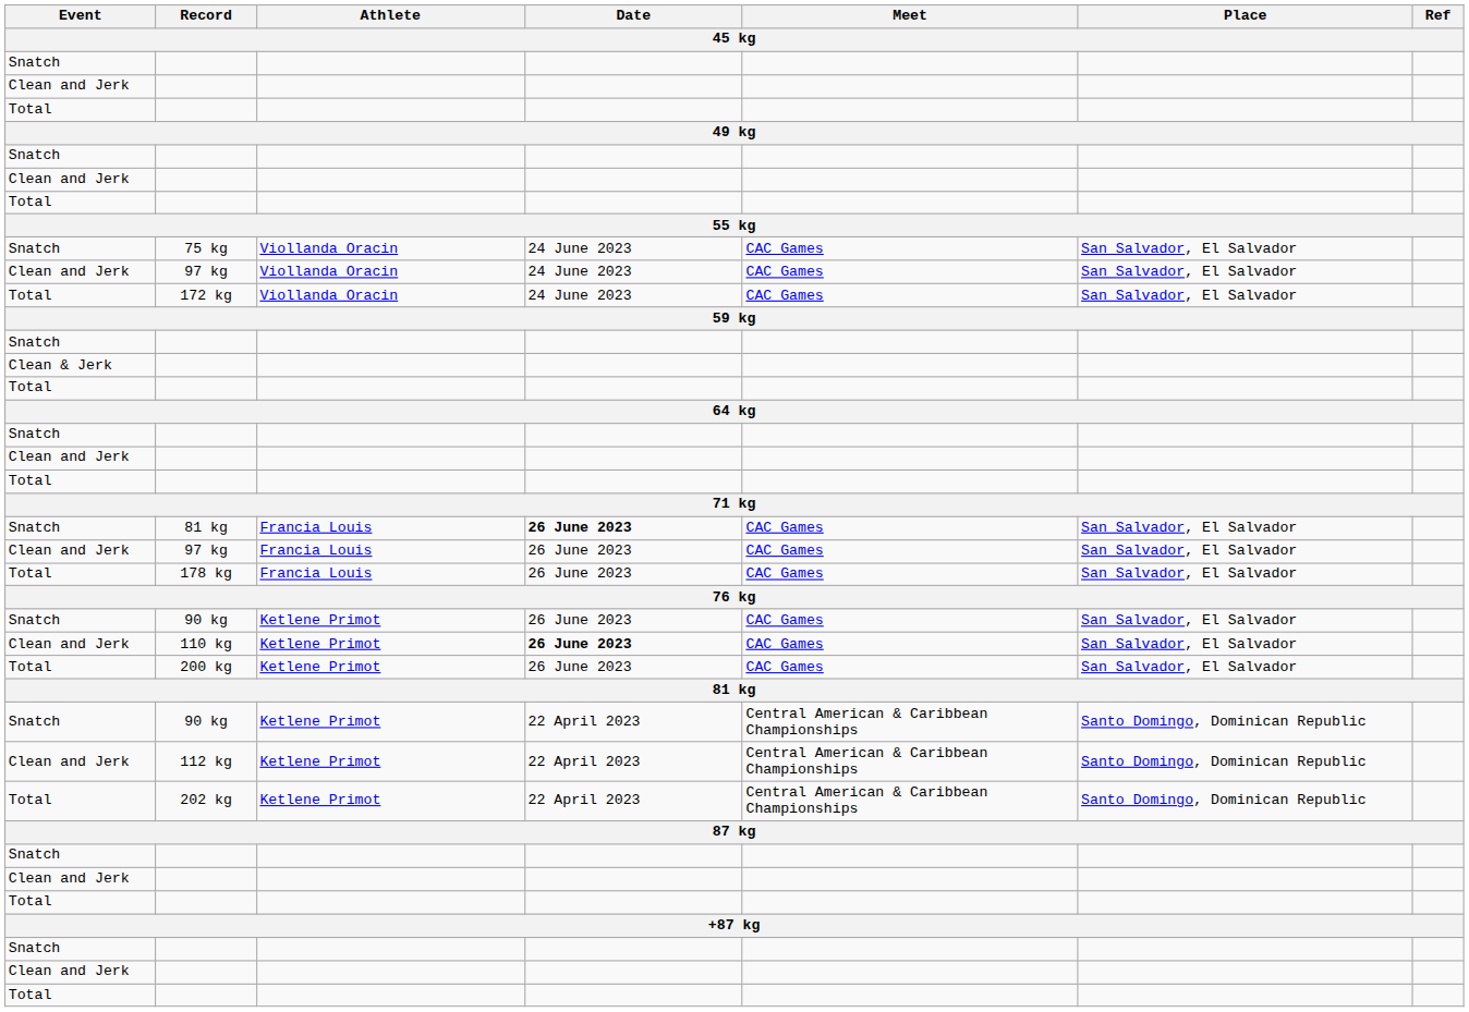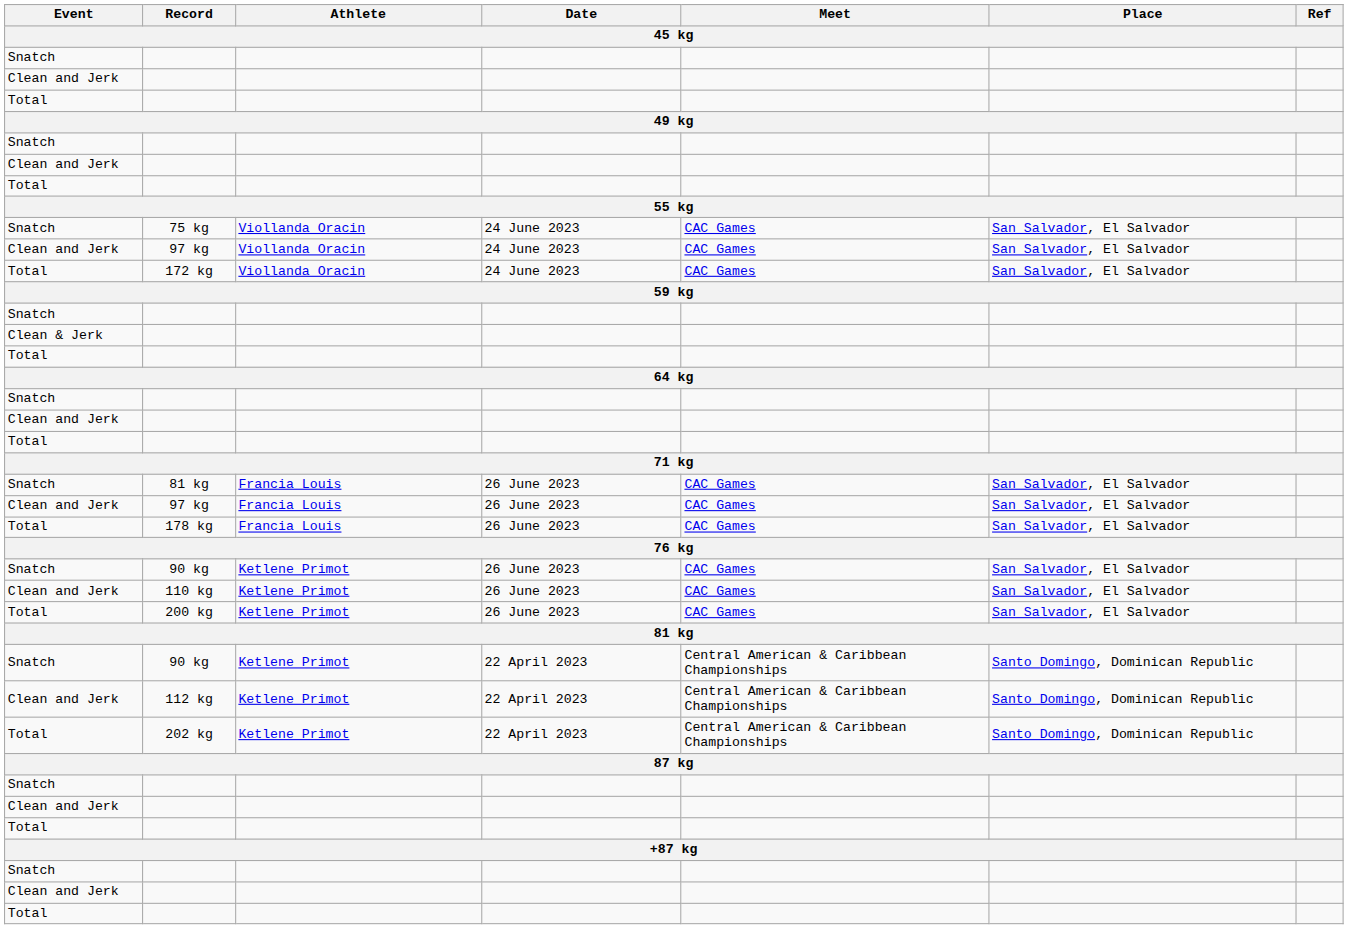 <table class="wikitable" style="font-size:95%;">
 <tr>
 <th width=9%>Event</th>
 <th width=6%>Record</th>
 <th width=16%>Athlete</th>
 <th width=13%>Date</th>
 <th width=20%>Meet</th>
 <th width=20%>Place</th>
 <th width=3%>Ref</th>
 </tr>
 <tr bgcolor="#DDDDDD">
 <th colspan="7">45 kg</th>
 </tr>
 <tr>
 <td>Snatch</td>
 <td align="center"></td>
 <td></td>
 <td></td>
 <td></td>
 <td></td>
 <td></td>
 </tr>
 <tr>
 <td>Clean and Jerk</td>
 <td align="center"></td>
 <td></td>
 <td></td>
 <td></td>
 <td></td>
 <td></td>
 </tr>
 <tr>
 <td>Total</td>
 <td align="center"></td>
 <td></td>
 <td></td>
 <td></td>
 <td></td>
 <td></td>
 </tr>
 <tr bgcolor="#DDDDDD">
 <th colspan="7">49 kg</th>
 </tr>
 <tr>
 <td>Snatch</td>
 <td align="center"></td>
 <td></td>
 <td></td>
 <td></td>
 <td></td>
 <td></td>
 </tr>
 <tr>
 <td>Clean and Jerk</td>
 <td align="center"></td>
 <td></td>
 <td></td>
 <td></td>
 <td></td>
 <td></td>
 </tr>
 <tr>
 <td>Total</td>
 <td align="center"></td>
 <td></td>
 <td></td>
 <td></td>
 <td></td>
 <td></td>
 </tr>
 <tr bgcolor="#DDDDDD">
 <th colspan="7">55 kg</th>
 </tr>
 <tr>
 <td>Snatch</td>
 <td align="center">75 kg</td>
 <td><a href='#'>Viollanda Oracin</a></td>
 <td>24 June 2023</td>
 <td><a href='#'>CAC Games</a></td>
 <td><a href='#'>San Salvador</a>, El Salvador</td>
 <td></td>
 </tr>
 <tr>
 <td>Clean and Jerk</td>
 <td align="center">97 kg</td>
 <td><a href='#'>Viollanda Oracin</a></td>
 <td>24 June 2023</td>
 <td><a href='#'>CAC Games</a></td>
 <td><a href='#'>San Salvador</a>, El Salvador</td>
 <td></td>
 </tr>
 <tr>
 <td>Total</td>
 <td align="center">172 kg</td>
 <td><a href='#'>Viollanda Oracin</a></td>
 <td>24 June 2023</td>
 <td><a href='#'>CAC Games</a></td>
 <td><a href='#'>San Salvador</a>, El Salvador</td>
 <td></td>
 </tr>
 <tr bgcolor="#DDDDDD">
 <th colspan="7">59 kg</th>
 </tr>
 <tr>
 <td>Snatch</td>
 <td align="center"></td>
 <td></td>
 <td></td>
 <td></td>
 <td></td>
 <td></td>
 </tr>
 <tr>
 <td>Clean & Jerk</td>
 <td align="center"></td>
 <td></td>
 <td></td>
 <td></td>
 <td></td>
 <td></td>
 </tr>
 <tr>
 <td>Total</td>
 <td align="center"></td>
 <td></td>
 <td></td>
 <td></td>
 <td></td>
 <td></td>
 </tr>
 <tr bgcolor="#DDDDDD">
 <th colspan="7">64 kg</th>
 </tr>
 <tr>
 <td>Snatch</td>
 <td align="center"></td>
 <td></td>
 <td></td>
 <td></td>
 <td></td>
 <td></td>
 </tr>
 <tr>
 <td>Clean and Jerk</td>
 <td align="center"></td>
 <td></td>
 <td></td>
 <td></td>
 <td></td>
 <td></td>
 </tr>
 <tr>
 <td>Total</td>
 <td align="center"></td>
 <td></td>
 <td></td>
 <td></td>
 <td></td>
 <td></td>
 </tr>
 <tr bgcolor="#DDDDDD">
 <th colspan="7">71 kg</th>
 </tr>
 <tr>
 <td>Snatch</td>
 <td align="center">81 kg</td>
 <td><a href='#'>Francia Louis</a></td>
-<td><strong>26 June 2023</strong></td>
+<td>26 June 2023</td>
 <td><a href='#'>CAC Games</a></td>
 <td><a href='#'>San Salvador</a>, El Salvador</td>
 <td></td>
 </tr>
 <tr>
 <td>Clean and Jerk</td>
 <td align="center">97 kg</td>
 <td><a href='#'>Francia Louis</a></td>
 <td>26 June 2023</td>
 <td><a href='#'>CAC Games</a></td>
 <td><a href='#'>San Salvador</a>, El Salvador</td>
 <td></td>
 </tr>
 <tr>
 <td>Total</td>
 <td align="center">178 kg</td>
 <td><a href='#'>Francia Louis</a></td>
 <td>26 June 2023</td>
 <td><a href='#'>CAC Games</a></td>
 <td><a href='#'>San Salvador</a>, El Salvador</td>
 <td></td>
 </tr>
 <tr bgcolor="#DDDDDD">
 <th colspan="7">76 kg</th>
 </tr>
 <tr>
 <td>Snatch</td>
 <td align="center">90 kg</td>
 <td><a href='#'>Ketlene Primot</a></td>
 <td>26 June 2023</td>
 <td><a href='#'>CAC Games</a></td>
 <td><a href='#'>San Salvador</a>, El Salvador</td>
 <td></td>
 </tr>
 <tr>
 <td>Clean and Jerk</td>
 <td align="center">110 kg</td>
 <td><a href='#'>Ketlene Primot</a></td>
-<td><strong>26 June 2023</strong></td>
+<td>26 June 2023</td>
 <td><a href='#'>CAC Games</a></td>
 <td><a href='#'>San Salvador</a>, El Salvador</td>
 <td></td>
 </tr>
 <tr>
 <td>Total</td>
 <td align="center">200 kg</td>
 <td><a href='#'>Ketlene Primot</a></td>
 <td>26 June 2023</td>
 <td><a href='#'>CAC Games</a></td>
 <td><a href='#'>San Salvador</a>, El Salvador</td>
 <td></td>
 </tr>
 <tr bgcolor="#DDDDDD">
 <th colspan="7">81 kg</th>
 </tr>
 <tr>
 <td>Snatch</td>
 <td align="center">90 kg</td>
 <td><a href='#'>Ketlene Primot</a></td>
 <td>22 April 2023</td>
 <td>Central American & Caribbean Championships</td>
 <td><a href='#'>Santo Domingo</a>, Dominican Republic</td>
 <td></td>
 </tr>
 <tr>
 <td>Clean and Jerk</td>
 <td align="center">112 kg</td>
 <td><a href='#'>Ketlene Primot</a></td>
 <td>22 April 2023</td>
 <td>Central American & Caribbean Championships</td>
 <td><a href='#'>Santo Domingo</a>, Dominican Republic</td>
 <td></td>
 </tr>
 <tr>
 <td>Total</td>
 <td align="center">202 kg</td>
 <td><a href='#'>Ketlene Primot</a></td>
 <td>22 April 2023</td>
 <td>Central American & Caribbean Championships</td>
 <td><a href='#'>Santo Domingo</a>, Dominican Republic</td>
 <td></td>
 </tr>
 <tr bgcolor="#DDDDDD">
 <th colspan="7">87 kg</th>
 </tr>
 <tr>
 <td>Snatch</td>
 <td align="center"></td>
 <td></td>
 <td></td>
 <td></td>
 <td></td>
 <td></td>
 </tr>
 <tr>
 <td>Clean and Jerk</td>
 <td align="center"></td>
 <td></td>
 <td></td>
 <td></td>
 <td></td>
 <td></td>
 </tr>
 <tr>
 <td>Total</td>
 <td align="center"></td>
 <td></td>
 <td></td>
 <td></td>
 <td></td>
 <td></td>
 </tr>
 <tr bgcolor="#DDDDDD">
 <th colspan="7">+87 kg</th>
 </tr>
 <tr>
 <td>Snatch</td>
 <td align="center"></td>
 <td></td>
 <td></td>
 <td></td>
 <td></td>
 <td></td>
 </tr>
 <tr>
 <td>Clean and Jerk</td>
 <td align="center"></td>
 <td></td>
 <td></td>
 <td></td>
 <td></td>
 <td></td>
 </tr>
 <tr>
 <td>Total</td>
 <td align="center"></td>
 <td></td>
 <td></td>
 <td></td>
 <td></td>
 <td></td>
 </tr>
 </table>
